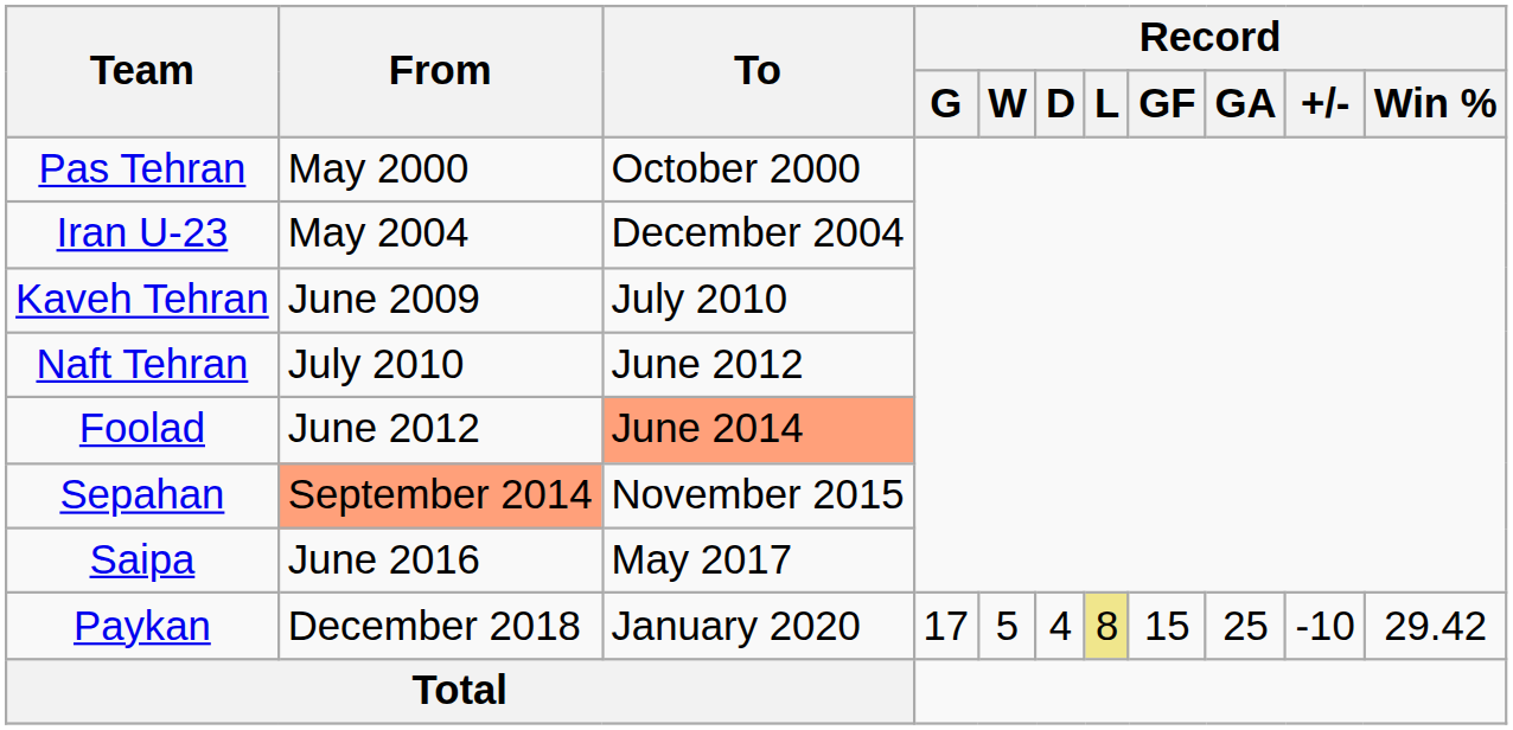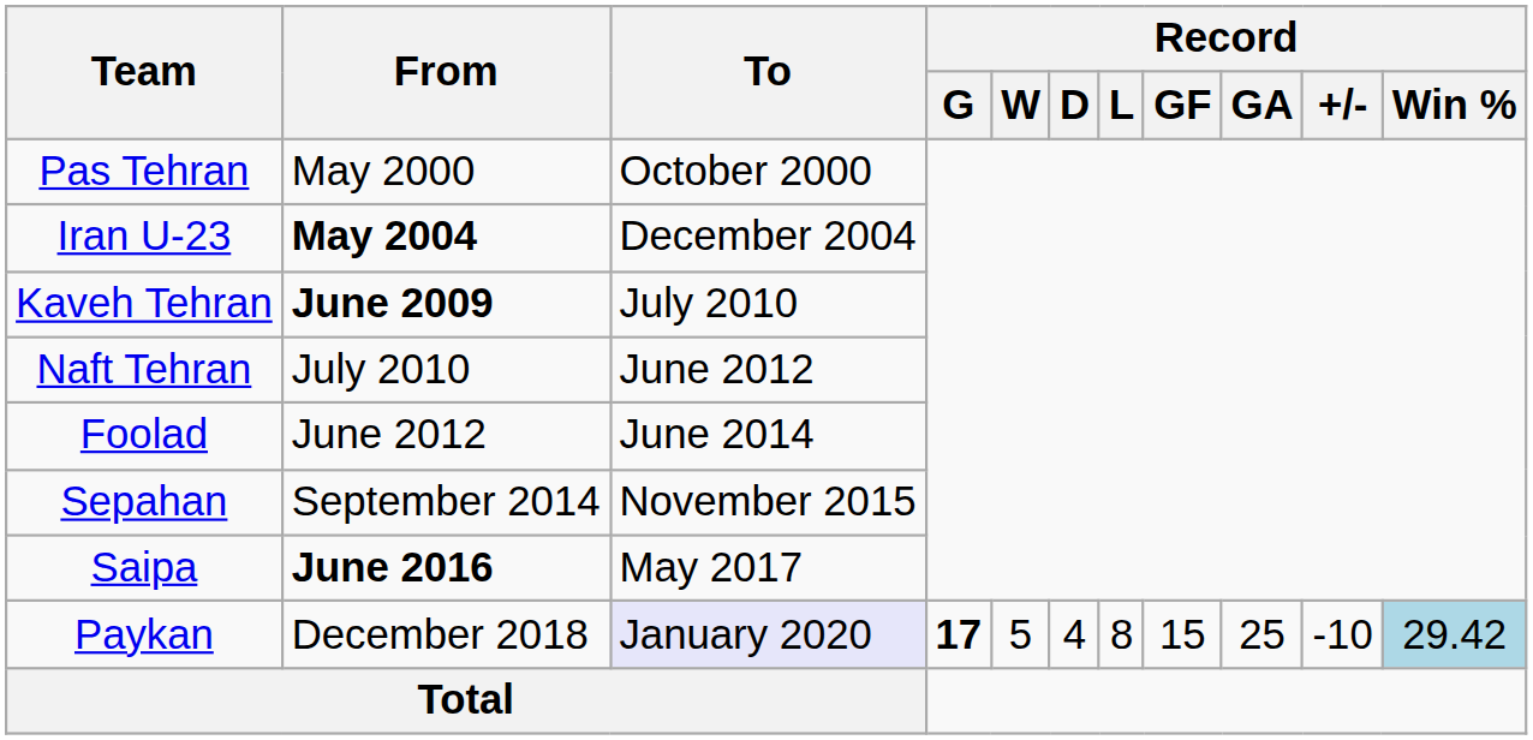 <table class="wikitable" style="text-align: center">
 <tr>
 <th rowspan="2">Team</th>
 <th rowspan="2">From</th>
 <th rowspan="2">To</th>
 <th colspan="8">Record</th>
 </tr>
 <tr>
 <th>G</th>
 <th>W</th>
 <th>D</th>
 <th>L</th>
 <th>GF</th>
 <th>GA</th>
 <th>+/-</th>
 <th>Win %</th>
 </tr>
 <tr>
 <td><a href='#'>Pas Tehran</a> </td>
 <td align="left">May 2000</td>
 <td align="left">October 2000<br></td>
 </tr>
 <tr>
 <td><a href='#'>Iran U-23</a> </td>
-<td align="left">May 2004</td>
+<td align="left"><strong>May 2004</strong></td>
 <td align="left">December 2004<br></td>
 </tr>
 <tr>
 <td><a href='#'>Kaveh Tehran</a></td>
-<td align="left">June 2009</td>
+<td align="left"><strong>June 2009</strong></td>
 <td align="left">July 2010<br></td>
 </tr>
 <tr>
 <td><a href='#'>Naft Tehran</a></td>
 <td align="left">July 2010</td>
 <td align="left">June 2012<br></td>
 </tr>
 <tr>
 <td><a href='#'>Foolad</a></td>
 <td align="left">June 2012</td>
-<td align="left" style="background: lightsalmon;">June 2014<br></td>
+<td align="left">June 2014<br></td>
 </tr>
 <tr>
 <td><a href='#'>Sepahan</a></td>
-<td align="left" style="background: lightsalmon;">September 2014</td>
+<td align="left">September 2014</td>
 <td align="left">November 2015<br></td>
 </tr>
 <tr>
 <td><a href='#'>Saipa</a></td>
-<td align="left">June 2016</td>
+<td align="left"><strong>June 2016</strong></td>
 <td align="left">May 2017<br></td>
 </tr>
 <tr>
 <td><a href='#'>Paykan</a></td>
 <td align="left">December 2018</td>
-<td align="left">January 2020</td>
-<td style="text-align:center">17</td>
+<td align="left" style="background: lavender;">January 2020</td>
+<td style="text-align:center"><strong>17</strong></td>
 <td style="text-align:center">5</td>
 <td style="text-align:center">4</td>
-<td style="background: khaki; text-align:center">8</td>
+<td style="text-align:center">8</td>
 <td style="text-align:center">15</td>
 <td style="text-align:center">25</td>
 <td style="text-align:center">-10</td>
-<td>29.42</td>
+<td style="background: lightblue;">29.42</td>
 </tr>
 <tr>
 <th colspan="3">Total<br></th>
 </tr>
 </table>
